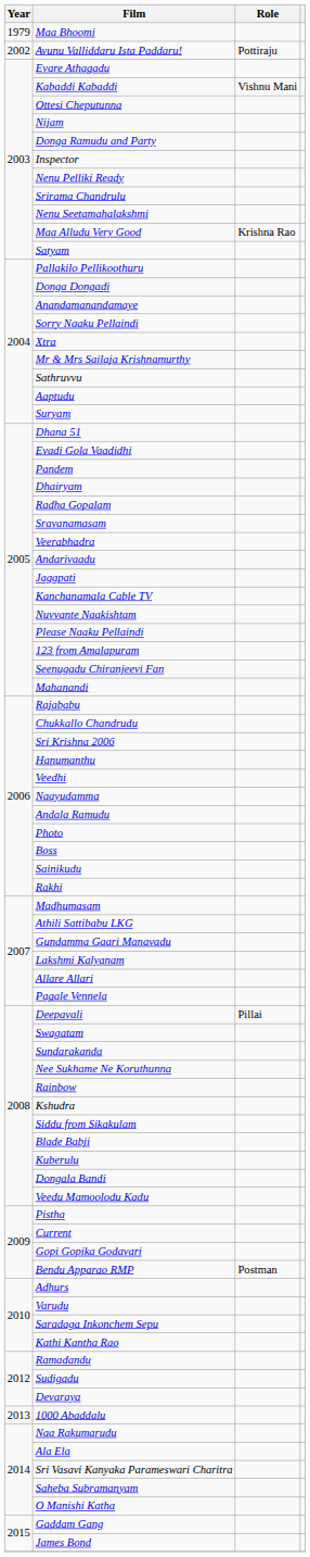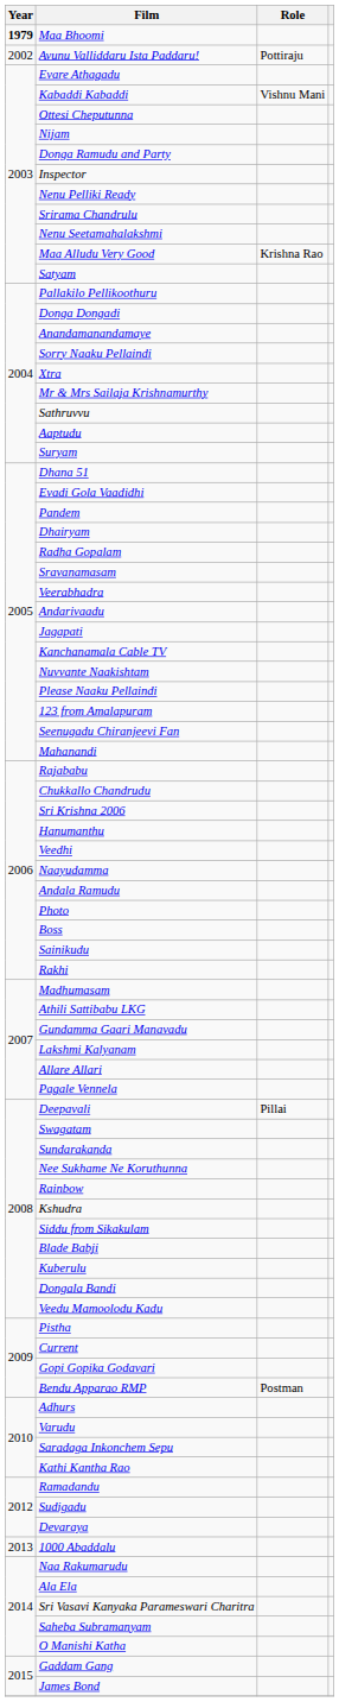 <table class="wikitable">
 <tr>
 <th>Year</th>
 <th>Film</th>
 <th>Role</th>
 <th scope="col" class="unsortable" ></th>
 </tr>
 <tr>
-<td>1979</td>
+<td><strong>1979</strong></td>
 <td><em><a href='#'>Maa Bhoomi</a></em></td>
 <td></td>
 <td></td>
 </tr>
 <tr>
 <td>2002</td>
 <td><em><a href='#'>Avunu Valliddaru Ista Paddaru!</a></em></td>
 <td>Pottiraju</td>
 <td></td>
 </tr>
 <tr>
 <td rowspan="11">2003</td>
 <td><em><a href='#'>Evare Athagadu</a></em></td>
 <td></td>
 <td></td>
 </tr>
 <tr>
 <td><a href='#'><em>Kabaddi Kabaddi</em></a></td>
 <td>Vishnu Mani</td>
 <td></td>
 </tr>
 <tr>
 <td><em><a href='#'>Ottesi Cheputunna</a></em></td>
 <td></td>
 <td></td>
 </tr>
 <tr>
 <td><em><a href='#'>Nijam</a></em></td>
 <td></td>
 <td></td>
 </tr>
 <tr>
 <td><em><a href='#'>Donga Ramudu and Party</a></em></td>
 <td></td>
 <td></td>
 </tr>
 <tr>
 <td><em>Inspector</em></td>
 <td></td>
 <td></td>
 </tr>
 <tr>
 <td><em><a href='#'>Nenu Pelliki Ready</a></em></td>
 <td></td>
 <td></td>
 </tr>
 <tr>
 <td><em><a href='#'>Srirama Chandrulu</a></em></td>
 <td></td>
 <td></td>
 </tr>
 <tr>
 <td><em><a href='#'>Nenu Seetamahalakshmi</a></em></td>
 <td></td>
 <td></td>
 </tr>
 <tr>
 <td><em><a href='#'>Maa Alludu Very Good</a></em></td>
 <td>Krishna Rao</td>
 <td></td>
 </tr>
 <tr>
 <td><a href='#'><em>Satyam</em></a></td>
 <td></td>
 <td></td>
 </tr>
 <tr>
 <td rowspan="9">2004</td>
 <td><em><a href='#'>Pallakilo Pellikoothuru</a></em></td>
 <td></td>
 <td></td>
 </tr>
 <tr>
 <td><em><a href='#'>Donga Dongadi</a></em></td>
 <td></td>
 <td></td>
 </tr>
 <tr>
 <td><em><a href='#'>Anandamanandamaye</a></em></td>
 <td></td>
 <td></td>
 </tr>
 <tr>
 <td><em><a href='#'>Sorry Naaku Pellaindi</a></em></td>
 <td></td>
 <td></td>
 </tr>
 <tr>
 <td><em><a href='#'>Xtra</a></em></td>
 <td></td>
 <td></td>
 </tr>
 <tr>
 <td><em><a href='#'>Mr & Mrs Sailaja Krishnamurthy</a></em></td>
 <td></td>
 <td></td>
 </tr>
 <tr>
 <td><em>Sathruvvu</em></td>
 <td></td>
 <td></td>
 </tr>
 <tr>
 <td><em><a href='#'>Aaptudu</a></em></td>
 <td></td>
 <td></td>
 </tr>
 <tr>
 <td><em><a href='#'>Suryam</a></em></td>
 <td></td>
 <td></td>
 </tr>
 <tr>
 <td rowspan="15">2005</td>
 <td><em><a href='#'>Dhana 51</a></em></td>
 <td></td>
 <td></td>
 </tr>
 <tr>
 <td><em><a href='#'>Evadi Gola Vaadidhi</a></em></td>
 <td></td>
 <td></td>
 </tr>
 <tr>
 <td><em><a href='#'>Pandem</a></em></td>
 <td></td>
 <td></td>
 </tr>
 <tr>
 <td><a href='#'><em>Dhairyam</em></a></td>
 <td></td>
 <td></td>
 </tr>
 <tr>
 <td><em><a href='#'>Radha Gopalam</a></em></td>
 <td></td>
 <td></td>
 </tr>
 <tr>
 <td><em><a href='#'>Sravanamasam</a></em></td>
 <td></td>
 <td></td>
 </tr>
 <tr>
 <td><em><a href='#'>Veerabhadra</a></em></td>
 <td></td>
 <td></td>
 </tr>
 <tr>
 <td><em><a href='#'>Andarivaadu</a></em></td>
 <td></td>
 <td></td>
 </tr>
 <tr>
 <td><em><a href='#'>Jagapati</a></em></td>
 <td></td>
 <td></td>
 </tr>
 <tr>
 <td><em><a href='#'>Kanchanamala Cable TV</a></em></td>
 <td></td>
 <td></td>
 </tr>
 <tr>
 <td><em><a href='#'>Nuvvante Naakishtam</a></em></td>
 <td></td>
 <td></td>
 </tr>
 <tr>
 <td><em><a href='#'>Please Naaku Pellaindi</a></em></td>
 <td></td>
 <td></td>
 </tr>
 <tr>
 <td><em><a href='#'>123 from Amalapuram</a></em></td>
 <td></td>
 <td></td>
 </tr>
 <tr>
 <td><em><a href='#'>Seenugadu Chiranjeevi Fan</a></em></td>
 <td></td>
 <td></td>
 </tr>
 <tr>
 <td><a href='#'><em>Mahanandi</em></a></td>
 <td></td>
 <td></td>
 </tr>
 <tr>
 <td rowspan="11">2006</td>
 <td><em><a href='#'>Rajababu</a></em></td>
 <td></td>
 <td></td>
 </tr>
 <tr>
 <td><em><a href='#'>Chukkallo Chandrudu</a></em></td>
 <td></td>
 <td></td>
 </tr>
 <tr>
 <td><em><a href='#'>Sri Krishna 2006</a></em></td>
 <td></td>
 <td></td>
 </tr>
 <tr>
 <td><a href='#'><em>Hanumanthu</em></a></td>
 <td></td>
 <td></td>
 </tr>
 <tr>
 <td><em><a href='#'>Veedhi</a></em></td>
 <td></td>
 <td></td>
 </tr>
 <tr>
 <td><em><a href='#'>Naayudamma</a></em></td>
 <td></td>
 <td></td>
 </tr>
 <tr>
 <td><a href='#'><em>Andala Ramudu</em></a></td>
 <td></td>
 <td></td>
 </tr>
 <tr>
 <td><a href='#'><em>Photo</em></a></td>
 <td></td>
 <td></td>
 </tr>
 <tr>
 <td><a href='#'><em>Boss</em></a></td>
 <td></td>
 <td></td>
 </tr>
 <tr>
 <td><em><a href='#'>Sainikudu</a></em></td>
 <td></td>
 <td></td>
 </tr>
 <tr>
 <td><a href='#'><em>Rakhi</em></a></td>
 <td></td>
 <td></td>
 </tr>
 <tr>
 <td rowspan="6">2007</td>
 <td><em><a href='#'>Madhumasam</a></em></td>
 <td></td>
 <td></td>
 </tr>
 <tr>
 <td><em><a href='#'>Athili Sattibabu LKG</a></em></td>
 <td></td>
 <td></td>
 </tr>
 <tr>
 <td><em><a href='#'>Gundamma Gaari Manavadu</a></em></td>
 <td></td>
 <td></td>
 </tr>
 <tr>
 <td><em><a href='#'>Lakshmi Kalyanam</a></em></td>
 <td></td>
 <td></td>
 </tr>
 <tr>
 <td><em><a href='#'>Allare Allari</a></em></td>
 <td></td>
 <td></td>
 </tr>
 <tr>
 <td><em><a href='#'>Pagale Vennela</a></em></td>
 <td></td>
 <td></td>
 </tr>
 <tr>
 <td rowspan="11">2008</td>
 <td><em><a href='#'>Deepavali</a></em></td>
 <td>Pillai</td>
 <td></td>
 </tr>
 <tr>
 <td><em><a href='#'>Swagatam</a></em></td>
 <td></td>
 <td></td>
 </tr>
 <tr>
 <td><em><a href='#'>Sundarakanda</a></em></td>
 <td></td>
 <td></td>
 </tr>
 <tr>
 <td><em><a href='#'>Nee Sukhame Ne Koruthunna</a></em></td>
 <td></td>
 <td></td>
 </tr>
 <tr>
 <td><em><a href='#'>Rainbow</a></em></td>
 <td></td>
 <td></td>
 </tr>
 <tr>
 <td><em>Kshudra</em></td>
 <td></td>
 <td></td>
 </tr>
 <tr>
 <td><em><a href='#'>Siddu from Sikakulam</a></em></td>
 <td></td>
 <td></td>
 </tr>
 <tr>
 <td><em><a href='#'>Blade Babji</a></em></td>
 <td></td>
 <td></td>
 </tr>
 <tr>
 <td><em><a href='#'>Kuberulu</a></em></td>
 <td></td>
 <td></td>
 </tr>
 <tr>
 <td><em><a href='#'>Dongala Bandi</a></em></td>
 <td></td>
 <td></td>
 </tr>
 <tr>
 <td><em><a href='#'>Veedu Mamoolodu Kadu</a></em></td>
 <td></td>
 <td></td>
 </tr>
 <tr>
 <td rowspan="4">2009</td>
 <td><a href='#'><em>Pistha</em></a></td>
 <td></td>
 <td></td>
 </tr>
 <tr>
 <td><a href='#'><em>Current</em></a></td>
 <td></td>
 <td></td>
 </tr>
 <tr>
 <td><em><a href='#'>Gopi Gopika Godavari</a></em></td>
 <td></td>
 <td></td>
 </tr>
 <tr>
 <td><em><a href='#'>Bendu Apparao RMP</a></em></td>
 <td>Postman</td>
 <td></td>
 </tr>
 <tr>
 <td rowspan="4">2010</td>
 <td><em><a href='#'>Adhurs</a></em></td>
 <td></td>
 <td></td>
 </tr>
 <tr>
 <td><em><a href='#'>Varudu</a></em></td>
 <td></td>
 <td></td>
 </tr>
 <tr>
 <td><em><a href='#'>Saradaga Inkonchem Sepu</a></em></td>
 <td></td>
 <td></td>
 </tr>
 <tr>
 <td><em><a href='#'>Kathi Kantha Rao</a></em></td>
 <td></td>
 <td></td>
 </tr>
 <tr>
 <td rowspan="3">2012</td>
 <td><em><a href='#'>Ramadandu</a></em></td>
 <td></td>
 <td></td>
 </tr>
 <tr>
 <td><em><a href='#'>Sudigadu</a></em></td>
 <td></td>
 <td></td>
 </tr>
 <tr>
 <td><em><a href='#'>Devaraya</a></em></td>
 <td></td>
 <td></td>
 </tr>
 <tr>
 <td>2013</td>
 <td><em><a href='#'>1000 Abaddalu</a></em></td>
 <td></td>
 <td></td>
 </tr>
 <tr>
 <td rowspan="5">2014</td>
 <td><em><a href='#'>Naa Rakumarudu</a></em></td>
 <td></td>
 <td></td>
 </tr>
 <tr>
 <td><em><a href='#'>Ala Ela</a></em></td>
 <td></td>
 <td></td>
 </tr>
 <tr>
 <td><em>Sri Vasavi Kanyaka Parameswari Charitra</em></td>
 <td></td>
 <td></td>
 </tr>
 <tr>
 <td><em><a href='#'>Saheba Subramanyam</a></em></td>
 <td></td>
 <td></td>
 </tr>
 <tr>
 <td><em><a href='#'>O Manishi Katha</a></em></td>
 <td></td>
 <td></td>
 </tr>
 <tr>
 <td rowspan="2">2015</td>
 <td><em><a href='#'>Gaddam Gang</a></em></td>
 <td></td>
 <td></td>
 </tr>
 <tr>
 <td><a href='#'><em>James Bond</em></a></td>
 <td></td>
 <td></td>
 </tr>
 <tr>
 </tr>
 </table>
